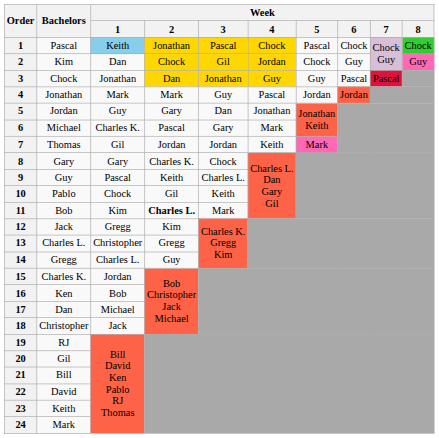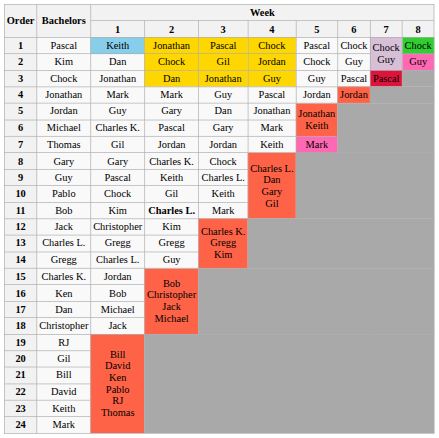 <table class="wikitable nowrap" style="text-align:center">
 <tr>
 <th rowspan="2">Order</th>
 <th rowspan="2">Bachelors</th>
 <th colspan="8">Week</th>
 </tr>
 <tr>
 <th>1</th>
 <th>2</th>
 <th>3</th>
 <th>4</th>
 <th>5</th>
 <th>6</th>
 <th>7</th>
 <th>8</th>
 </tr>
 <tr>
 <th>1</th>
 <td>Pascal</td>
 <td style="background:skyblue">Keith</td>
 <td style="background:gold">Jonathan</td>
 <td style="background:gold">Pascal</td>
 <td style="background:gold">Chock</td>
 <td>Pascal</td>
 <td>Chock</td>
 <td rowspan="2"bgcolor="thistle">Chock<br>Guy</td>
 <td bgcolor="limegreen">Chock</td>
 </tr>
 <tr>
 <th>2</th>
 <td>Kim</td>
 <td>Dan</td>
 <td style="background:gold">Chock</td>
 <td style="background:gold">Gil</td>
 <td style="background:gold">Jordan</td>
 <td>Chock</td>
 <td>Guy</td>
 <td bgcolor="hotpink">Guy</td>
 </tr>
 <tr>
 <th>3</th>
 <td>Chock</td>
 <td>Jonathan</td>
 <td style="background:gold">Dan</td>
 <td style="background:gold">Jonathan</td>
 <td style="background:gold">Guy</td>
 <td>Guy</td>
 <td>Pascal</td>
 <td bgcolor="crimson"><span>Pascal</span></td>
 <td bgcolor="darkgray"></td>
 </tr>
 <tr>
 <th>4</th>
 <td>Jonathan</td>
 <td>Mark</td>
 <td>Mark</td>
 <td>Guy</td>
 <td>Pascal</td>
 <td>Jordan</td>
 <td style="background:tomato">Jordan</td>
 <td colspan="2" bgcolor="darkgray"></td>
 </tr>
 <tr>
 <th>5</th>
 <td>Jordan</td>
 <td>Guy</td>
 <td>Gary</td>
 <td>Dan</td>
 <td>Jonathan</td>
 <td rowspan="2" bgcolor="tomato">Jonathan<br>Keith</td>
 <td rowspan="3" colspan="3" bgcolor="darkgray"></td>
 </tr>
 <tr>
 <th>6</th>
 <td>Michael</td>
 <td>Charles K.</td>
 <td>Pascal</td>
 <td>Gary</td>
 <td>Mark</td>
 </tr>
 <tr>
 <th>7</th>
 <td>Thomas</td>
 <td>Gil</td>
 <td>Jordan</td>
 <td>Jordan</td>
 <td>Keith</td>
 <td bgcolor="hotpink">Mark</td>
 </tr>
 <tr>
 <th>8</th>
 <td>Gary</td>
 <td>Gary</td>
 <td>Charles K.</td>
 <td>Chock</td>
 <td rowspan="4" bgcolor="tomato">Charles L.<br>Dan<br>Gary<br>Gil</td>
 <td rowspan="4" colspan="4" bgcolor="darkgray"></td>
 </tr>
 <tr>
 <th>9</th>
 <td>Guy</td>
 <td>Pascal</td>
 <td>Keith</td>
 <td>Charles L.</td>
 </tr>
 <tr>
 <th>10</th>
 <td>Pablo</td>
 <td>Chock</td>
 <td>Gil</td>
 <td>Keith</td>
 </tr>
 <tr>
 <th>11</th>
 <td>Bob</td>
 <td>Kim</td>
 <td><strong>Charles L.</strong></td>
 <td>Mark</td>
 </tr>
 <tr>
 <th>12</th>
 <td>Jack</td>
-<td>Gregg</td>
+<td>Christopher</td>
 <td>Kim</td>
 <td rowspan="3" bgcolor="tomato">Charles K.<br>Gregg<br>Kim</td>
 <td rowspan="3" colspan="5" bgcolor="darkgray"></td>
 </tr>
 <tr>
 <th>13</th>
 <td>Charles L.</td>
-<td>Christopher</td>
+<td>Gregg</td>
 <td>Gregg</td>
 </tr>
 <tr>
 <th>14</th>
 <td>Gregg</td>
 <td>Charles L.</td>
 <td>Guy</td>
 </tr>
 <tr>
 <th>15</th>
 <td>Charles K.</td>
 <td>Jordan</td>
 <td rowspan="4" bgcolor="tomato">Bob<br>Christopher<br>Jack<br>Michael</td>
 <td rowspan="4" colspan="6" bgcolor="darkgray"></td>
 </tr>
 <tr>
 <th>16</th>
 <td>Ken</td>
 <td>Bob</td>
 </tr>
 <tr>
 <th>17</th>
 <td>Dan</td>
 <td>Michael</td>
 </tr>
 <tr>
 <th>18</th>
 <td>Christopher</td>
 <td>Jack</td>
 </tr>
 <tr>
 <th>19</th>
 <td>RJ</td>
 <td rowspan="6" bgcolor="tomato">Bill<br>David<br>Ken<br>Pablo<br>RJ<br>Thomas</td>
 <td rowspan="6" colspan="7" bgcolor="darkgray"></td>
 </tr>
 <tr>
 <th>20</th>
 <td>Gil</td>
 </tr>
 <tr>
 <th>21</th>
 <td>Bill</td>
 </tr>
 <tr>
 <th>22</th>
 <td>David</td>
 </tr>
 <tr>
 <th>23</th>
 <td>Keith</td>
 </tr>
 <tr>
 <th>24</th>
 <td>Mark</td>
 </tr>
 </table>
